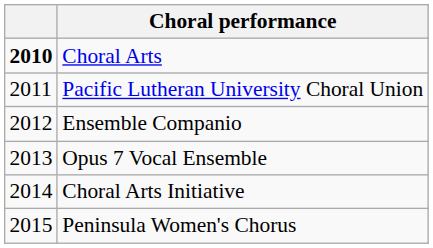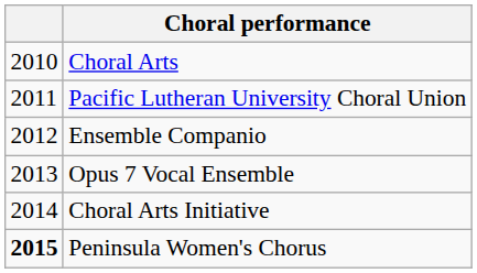 <table class="wikitable">
 <tr>
 <th></th>
 <th>Choral performance</th>
 </tr>
 <tr>
-<td><strong>2010</strong></td>
+<td>2010</td>
 <td><a href='#'>Choral Arts</a></td>
 </tr>
 <tr>
 <td>2011</td>
 <td><a href='#'>Pacific Lutheran University</a> Choral Union</td>
 </tr>
 <tr>
 <td>2012</td>
 <td>Ensemble Companio</td>
 </tr>
 <tr>
 <td>2013</td>
 <td>Opus 7 Vocal Ensemble</td>
 </tr>
 <tr>
 <td>2014</td>
 <td>Choral Arts Initiative</td>
 </tr>
 <tr>
-<td>2015</td>
+<td><strong>2015</strong></td>
 <td>Peninsula Women's Chorus</td>
 </tr>
 </table>
